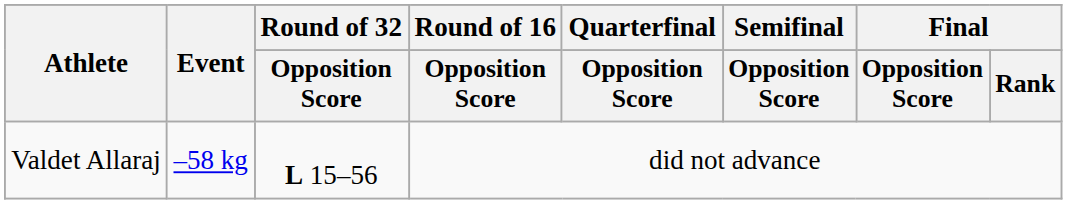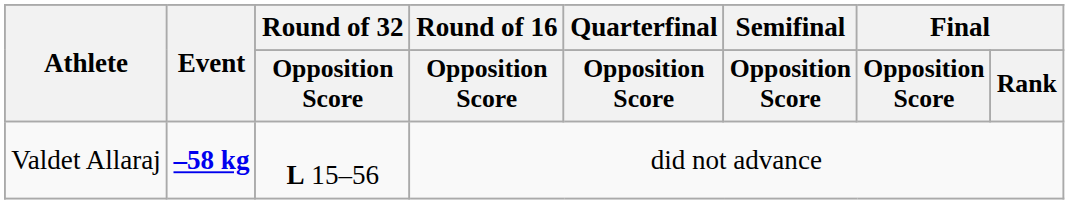 <table class=wikitable style=font-size:90%;text-align:center>
 <tr>
 <th rowspan=2>Athlete</th>
 <th rowspan=2>Event</th>
 <th>Round of 32</th>
 <th>Round of 16</th>
 <th>Quarterfinal</th>
 <th>Semifinal</th>
 <th colspan=2>Final</th>
 </tr>
 <tr style=font-size:95%>
 <th>Opposition<br>Score</th>
 <th>Opposition<br>Score</th>
 <th>Opposition<br>Score</th>
 <th>Opposition<br>Score</th>
 <th>Opposition<br>Score</th>
 <th>Rank</th>
 </tr>
 <tr>
 <td align=left>Valdet Allaraj</td>
-<td align=left><a href='#'>–58 kg</a></td>
+<td align=left><strong><a href='#'>–58 kg</a></strong></td>
 <td><br><strong>L</strong> 15–56</td>
 <td colspan="8">did not advance</td>
 </tr>
 </table>
